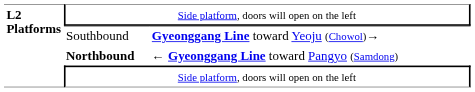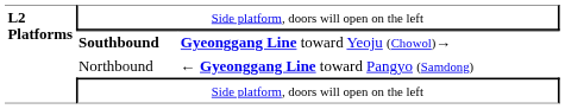 <table table border=0 cellspacing=0 cellpadding=3>
 <tr>
 <td style="border-top:solid 1px gray;border-bottom:solid 1px gray;" width=50 rowspan=10 valign=top><strong>L2<br>Platforms</strong></td>
 <td style="border-top:solid 1px gray;border-right:solid 2px black;border-left:solid 2px black;border-bottom:solid 2px black;text-align:center;" colspan=2><small><a href='#'>Side platform</a>, doors will open on the left</small></td>
 </tr>
 <tr>
-<td style="border-bottom:solid 0px gray;border-top:solid 1px gray;" width=100>Southbound</td>
+<td style="border-bottom:solid 0px gray;border-top:solid 1px gray;" width=100><strong>Southbound</strong></td>
 <td style="border-bottom:solid 0px gray;border-top:solid 1px gray;" width=390> <a href='#'><span><strong>Gyeonggang Line</strong></span></a> toward <a href='#'>Yeoju</a> <small>(<a href='#'>Chowol</a>)</small>→</td>
 </tr>
 <tr>
-<td><strong>Northbound</strong></td>
+<td>Northbound</td>
 <td>← <a href='#'><span><strong>Gyeonggang Line</strong></span></a> toward <a href='#'>Pangyo</a> <small>(<a href='#'>Samdong</a>)</small></td>
 </tr>
 <tr>
 <td style="border-top:solid 2px black;border-right:solid 2px black;border-left:solid 2px black;border-bottom:solid 1px gray;text-align:center;" colspan=2><small><a href='#'>Side platform</a>, doors will open on the left</small></td>
 </tr>
 </table>
